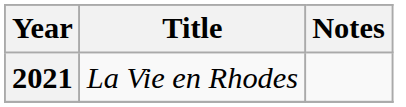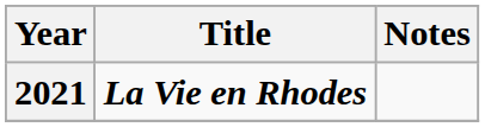 <table class="wikitable sortable plainrowheaders">
 <tr>
 <th>Year</th>
 <th>Title</th>
 <th>Notes</th>
 </tr>
 <tr>
 <th scope="row">2021</th>
-<td><em>La Vie en Rhodes</em></td>
+<td><strong><em>La Vie en Rhodes</em></strong></td>
 <td></td>
 </tr>
 <tr>
 </tr>
 </table>
